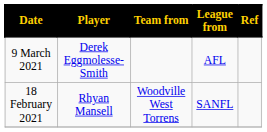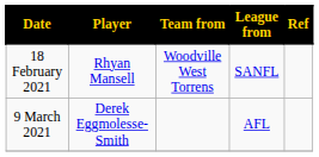 <table class="wikitable" style="text-align:center; font-size:100%; width:40%;">
 <tr>
 <th style="background:black; color:#FED102; border: solid black 2px;">Date</th>
 <th style="background:black; color:#FED102; border: solid black 2px;">Player</th>
 <th style="background:black; color:#FED102; border: solid black 2px;">Team from</th>
 <th style="background:black; color:#FED102; border: solid black 2px;">League from</th>
 <th style="background:black; color:#FED102; border: solid black 2px;">Ref</th>
 </tr>
 <tr>
+<td>18 February 2021</td>
+<td><a href='#'>Rhyan Mansell</a></td>
+<td><a href='#'>Woodville West Torrens</a></td>
+<td><a href='#'>SANFL</a></td>
+<td></td>
+</tr>
+<tr>
 <td>9 March 2021</td>
 <td><a href='#'>Derek Eggmolesse-Smith</a></td>
 <td></td>
 <td><a href='#'>AFL</a></td>
 <td></td>
 </tr>
 <tr>
-<td>18 February 2021</td>
-<td><a href='#'>Rhyan Mansell</a></td>
-<td><a href='#'>Woodville West Torrens</a></td>
-<td><a href='#'>SANFL</a></td>
-<td></td>
-</tr>
-<tr>
 </tr>
 </table>
